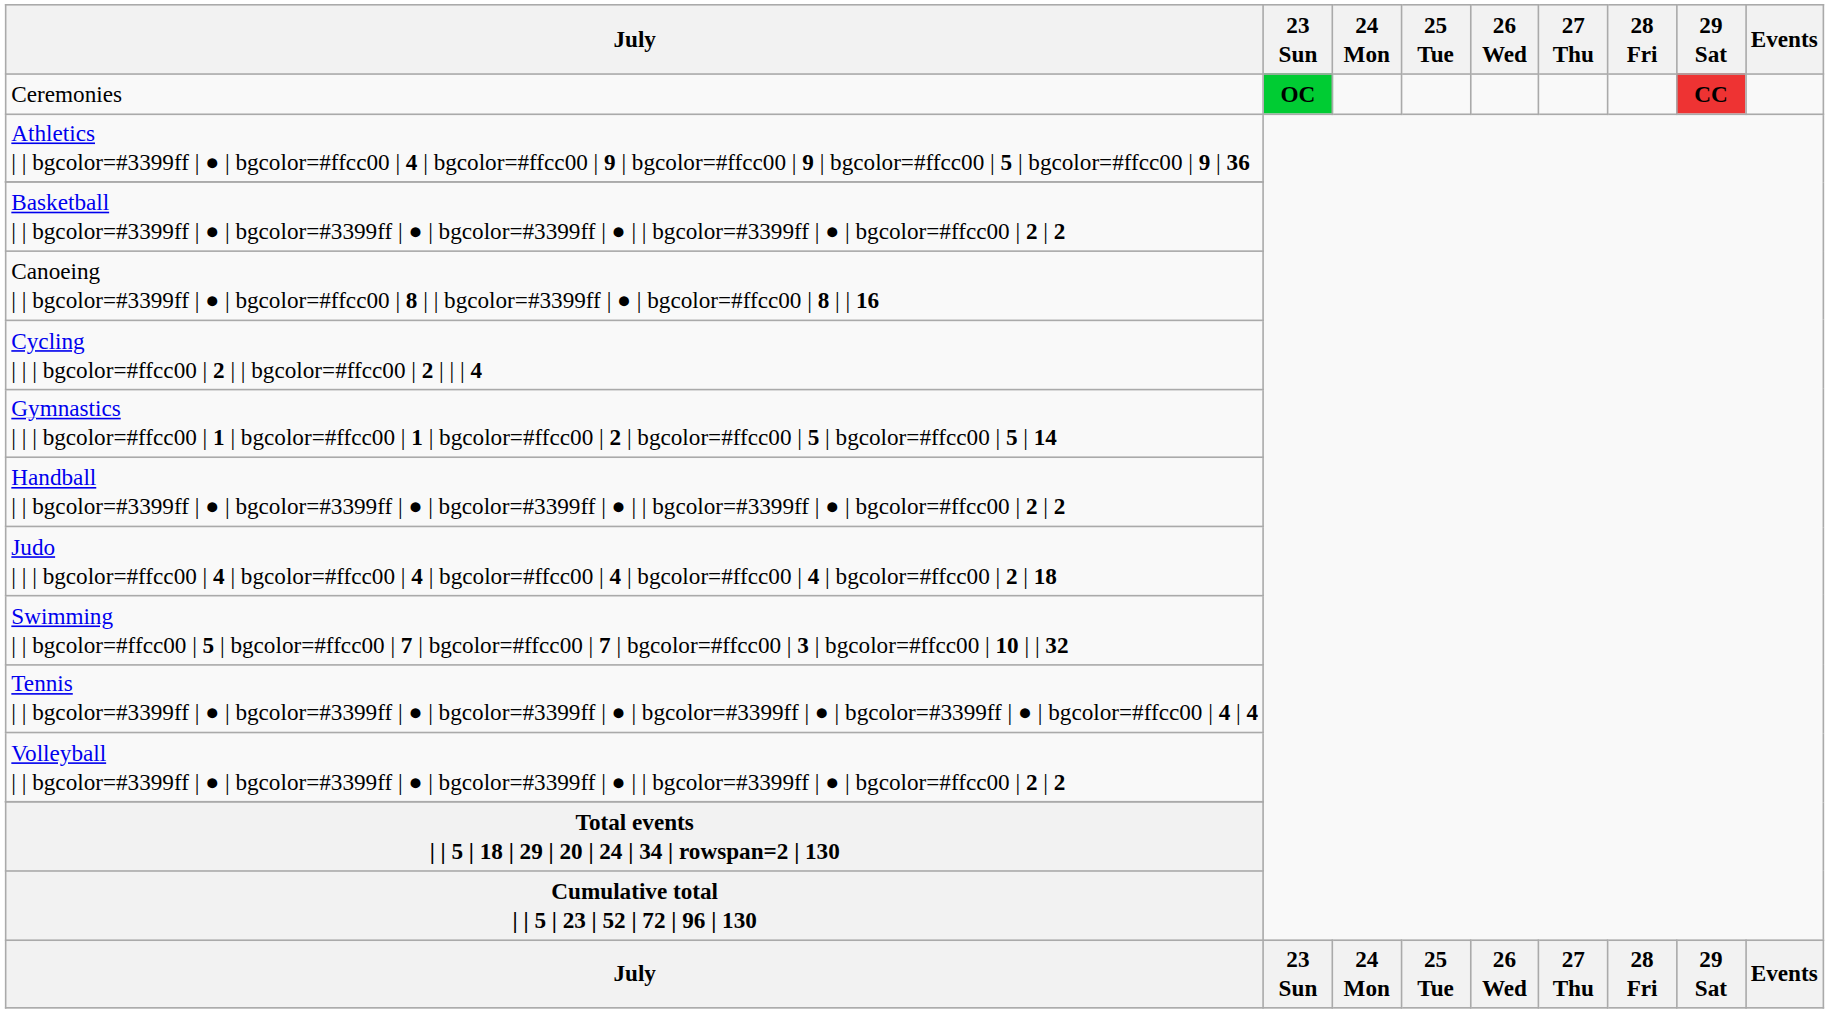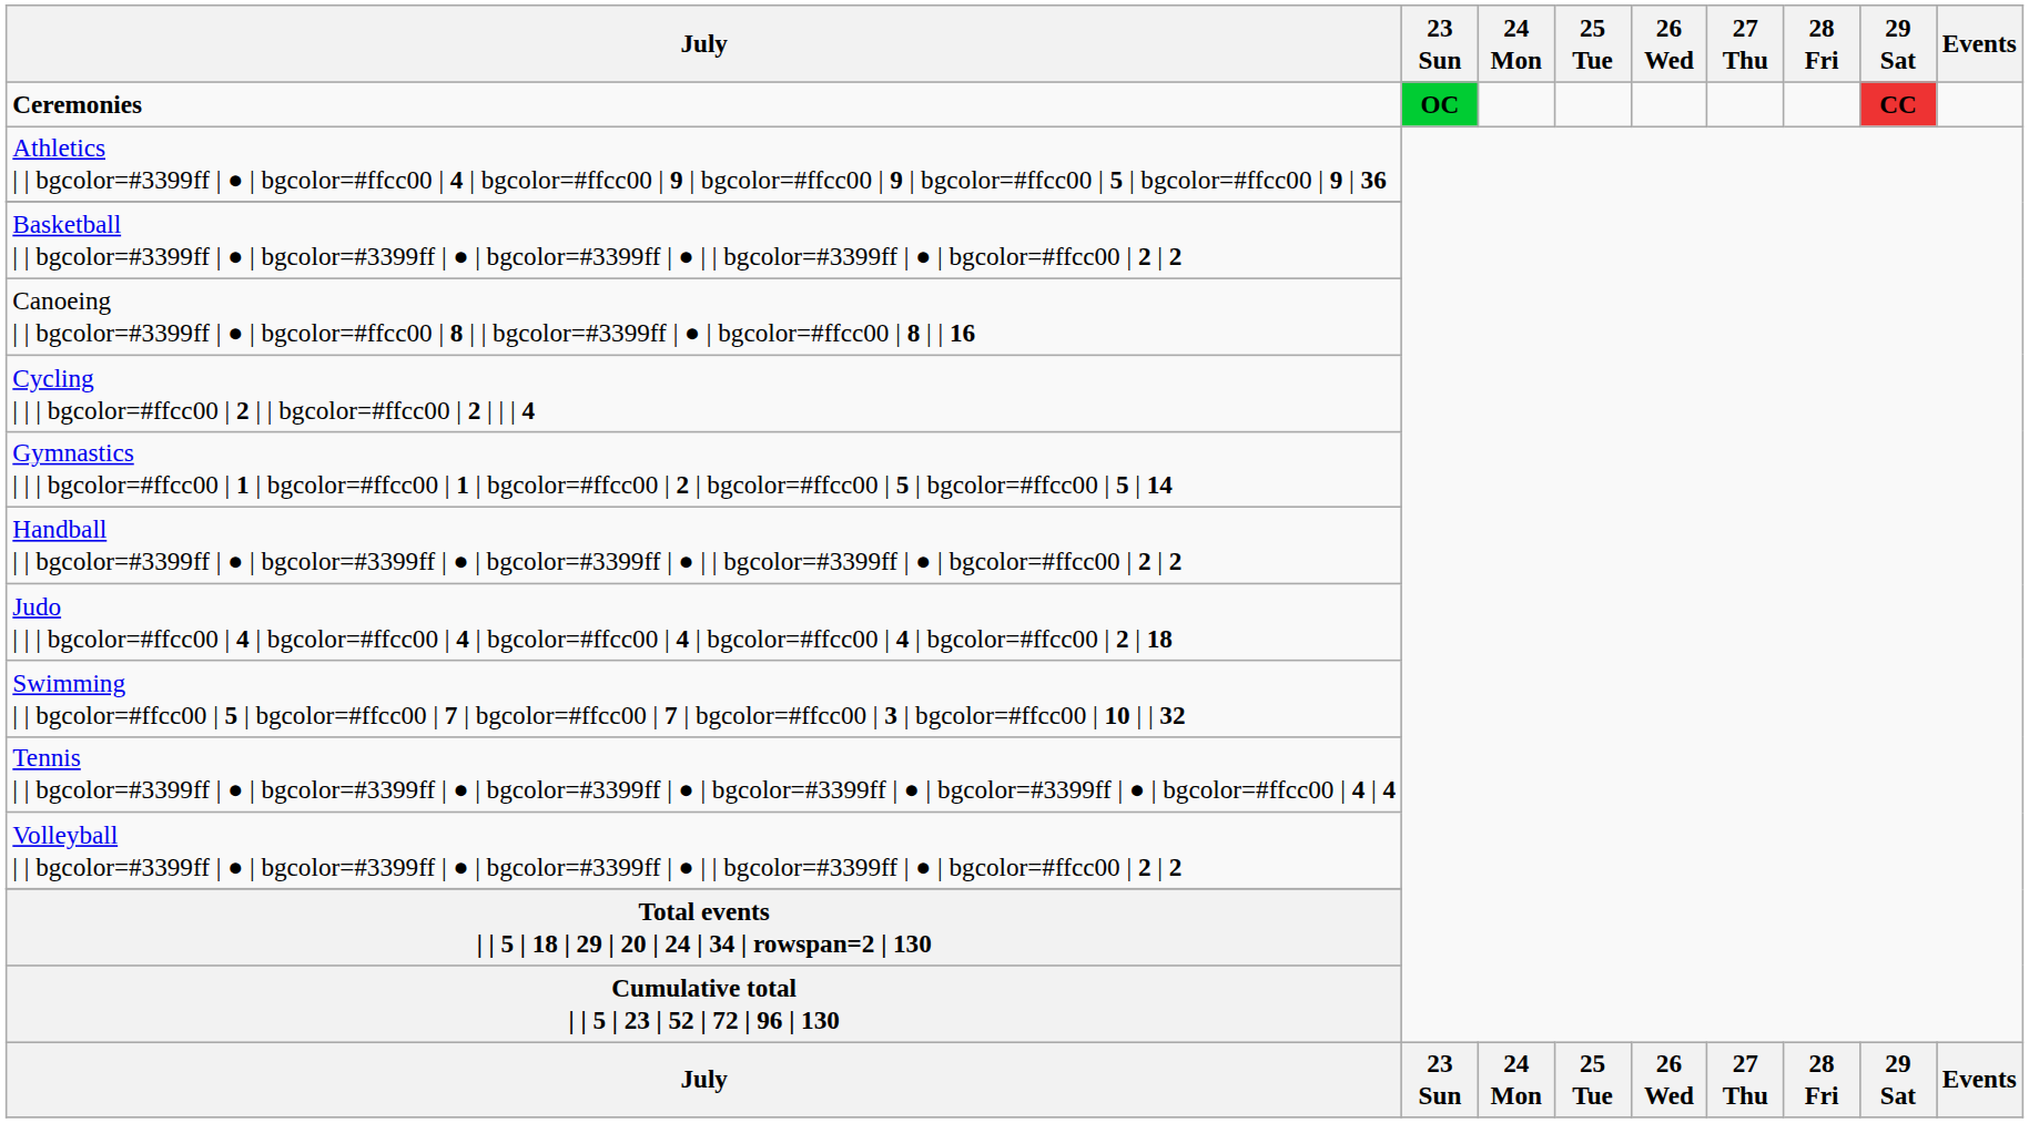 <table class="wikitable" style="margin:0.5em auto; font-size:90%; line-height:1.25em">
 <tr>
 <th>July</th>
 <th style="width:2.5em">23 <br> Sun</th>
 <th style="width:2.5em">24 <br> Mon</th>
 <th style="width:2.5em">25 <br> Tue</th>
 <th style="width:2.5em">26 <br> Wed</th>
 <th style="width:2.5em">27 <br> Thu</th>
 <th style="width:2.5em">28 <br> Fri</th>
 <th style="width:2.5em">29 <br> Sat</th>
 <th>Events</th>
 </tr>
 <tr>
-<td>Ceremonies</td>
+<td><strong>Ceremonies</strong></td>
 <td style="background:#00cc33; text-align:center"><strong>OC</strong></td>
 <td></td>
 <td></td>
 <td></td>
 <td></td>
 <td></td>
 <td style="background:#ee3333; text-align:center"><strong>CC</strong></td>
 <td></td>
 </tr>
 <tr style="text-align:center">
 <td style="text-align:left"> <a href='#'>Athletics</a><br> |   | bgcolor=#3399ff | ●  | bgcolor=#ffcc00 | <strong>4</strong>  | bgcolor=#ffcc00 | <strong>9</strong>  | bgcolor=#ffcc00 | <strong>9</strong>  | bgcolor=#ffcc00 | <strong>5</strong>  | bgcolor=#ffcc00 | <strong>9</strong>  | <strong>36</strong></td>
 </tr>
 <tr style="text-align:center">
 </tr>
 <tr style="text-align:center">
 <td style="text-align:left"> <a href='#'>Basketball</a><br> |   | bgcolor=#3399ff | ●  | bgcolor=#3399ff | ●  | bgcolor=#3399ff | ●  |   | bgcolor=#3399ff | ●  | bgcolor=#ffcc00 | <strong>2</strong>  | <strong>2</strong></td>
 </tr>
 <tr style="text-align:center">
 <td style="text-align:left"> Canoeing<br> |   | bgcolor=#3399ff | ●  | bgcolor=#ffcc00 | <strong>8</strong>  |   | bgcolor=#3399ff | ●  | bgcolor=#ffcc00 | <strong>8</strong>  |   | <strong>16</strong></td>
 </tr>
 <tr style="text-align:center">
 <td style="text-align:left"> <a href='#'>Cycling</a><br> |   |   | bgcolor=#ffcc00 | <strong>2</strong>  |   | bgcolor=#ffcc00 | <strong>2</strong>  |   |   | <strong>4</strong></td>
 </tr>
 <tr style="text-align:center">
 <td style="text-align:left"> <a href='#'>Gymnastics</a><br> |   |   | bgcolor=#ffcc00 | <strong>1</strong>  | bgcolor=#ffcc00 | <strong>1</strong>  | bgcolor=#ffcc00 | <strong>2</strong>  | bgcolor=#ffcc00 | <strong>5</strong>  | bgcolor=#ffcc00 | <strong>5</strong>  | <strong>14</strong></td>
 </tr>
 <tr style="text-align:center">
 <td style="text-align:left"> <a href='#'>Handball</a><br> |   | bgcolor=#3399ff | ●  | bgcolor=#3399ff | ●  | bgcolor=#3399ff | ●  |  | bgcolor=#3399ff | ●  | bgcolor=#ffcc00 | <strong>2</strong>  | <strong>2</strong></td>
 </tr>
 <tr style="text-align:center">
 <td style="text-align:left"> <a href='#'>Judo</a><br> |   |   | bgcolor=#ffcc00 | <strong>4</strong>  | bgcolor=#ffcc00 | <strong>4</strong>  | bgcolor=#ffcc00 | <strong>4</strong>  | bgcolor=#ffcc00 | <strong>4</strong>  | bgcolor=#ffcc00 | <strong>2</strong>  | <strong>18</strong></td>
 </tr>
 <tr style="text-align:center">
 <td style="text-align:left"> <a href='#'>Swimming</a><br> |   | bgcolor=#ffcc00 | <strong>5</strong>  | bgcolor=#ffcc00 | <strong>7</strong>  | bgcolor=#ffcc00 | <strong>7</strong>  | bgcolor=#ffcc00 | <strong>3</strong>  | bgcolor=#ffcc00 | <strong>10</strong>  |   | <strong>32</strong></td>
 </tr>
 <tr style="text-align:center">
 <td style="text-align:left"> <a href='#'>Tennis</a><br> |   | bgcolor=#3399ff | ●  | bgcolor=#3399ff | ●  | bgcolor=#3399ff | ●  | bgcolor=#3399ff | ●  | bgcolor=#3399ff | ●  | bgcolor=#ffcc00 | <strong>4</strong>  | <strong>4</strong></td>
 </tr>
 <tr style="text-align:center">
 <td style="text-align:left"> <a href='#'>Volleyball</a><br> |   | bgcolor=#3399ff | ●  | bgcolor=#3399ff | ●  | bgcolor=#3399ff | ●  |   | bgcolor=#3399ff | ●  | bgcolor=#ffcc00 | <strong>2</strong>  | <strong>2</strong></td>
 </tr>
 <tr style="text-align:center">
 </tr>
 <tr align=center>
 <th>Total events<br> |   | 5  | 18  | 29  | 20  | 24  | 34  | rowspan=2 | 130</th>
 </tr>
 <tr align=center>
 <th>Cumulative total<br> |   | 5  | 23  | 52  | 72  | 96  | 130</th>
 </tr>
 <tr>
 <th>July</th>
 <th style="width:2.5em">23 <br> Sun</th>
 <th style="width:2.5em">24 <br> Mon</th>
 <th style="width:2.5em">25 <br> Tue</th>
 <th style="width:2.5em">26 <br> Wed</th>
 <th style="width:2.5em">27 <br> Thu</th>
 <th style="width:2.5em">28 <br> Fri</th>
 <th style="width:2.5em">29 <br> Sat</th>
 <th>Events</th>
 </tr>
 </table>
